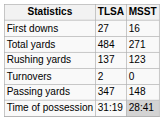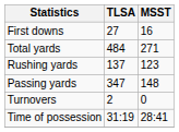 <table class="wikitable" style="float: left;">
 <tr>
 <th>Statistics</th>
 <th>TLSA</th>
 <th>MSST</th>
 </tr>
 <tr>
 <td>First downs</td>
 <td>27</td>
 <td>16</td>
 </tr>
 <tr>
 <td>Total yards</td>
 <td>484</td>
 <td>271</td>
 </tr>
 <tr>
 <td>Rushing yards</td>
 <td>137</td>
 <td>123</td>
 </tr>
 <tr>
+<td>Passing yards</td>
+<td>347</td>
+<td>148</td>
+</tr>
+<tr>
 <td>Turnovers</td>
 <td>2</td>
 <td>0</td>
 </tr>
 <tr>
-<td>Passing yards</td>
-<td>347</td>
-<td>148</td>
-</tr>
-<tr>
 <td>Time of possession</td>
 <td>31:19</td>
-<td style="background: lightgrey;">28:41</td>
+<td>28:41</td>
 </tr>
 <tr>
 </tr>
 </table>
